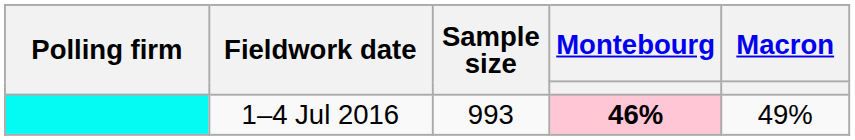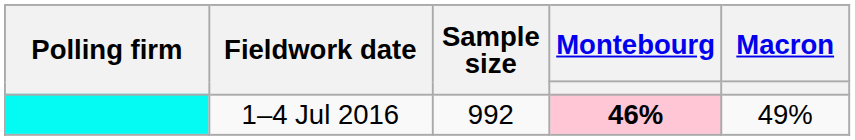 <table class="wikitable sortable" style="text-align:center;font-size:90%;line-height:14px;">
 <tr style="height:40px;">
 <th style="width:100px;" rowspan="2">Polling firm</th>
 <th style="width:110px;" rowspan="2">Fieldwork date</th>
 <th style="width:55px;" rowspan="2">Sample<br>size</th>
 <th class="unsortable" style="width:60px;"><a href='#'>Montebourg</a><br></th>
 <th class="unsortable" style="width:60px;"><a href='#'>Macron</a><br></th>
 </tr>
 <tr>
 <th style="background:"></th>
 <th style="background:"></th>
 </tr>
 <tr>
 <td style="background:#04FBF4;"></td>
 <td data-sort-value="2016-07-04">1–4 Jul 2016</td>
-<td>993</td>
+<td>992</td>
 <td style="background:#FFC6D5;"><strong>46%</strong></td>
 <td>49%</td>
 </tr>
 </table>
